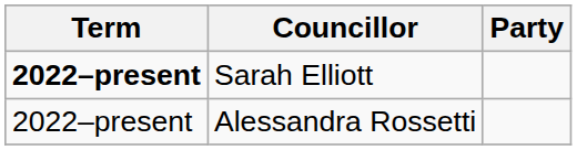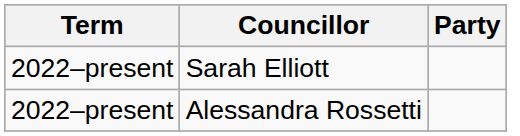 <table class="wikitable">
 <tr>
 <th>Term</th>
 <th>Councillor</th>
 <th colspan=2>Party</th>
 </tr>
 <tr>
-<td><strong>2022–present</strong></td>
+<td>2022–present</td>
 <td>Sarah Elliott</td>
 <td></td>
 </tr>
 <tr>
 <td>2022–present</td>
 <td>Alessandra Rossetti</td>
 <td></td>
 </tr>
 </table>
